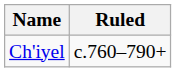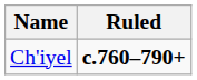 <table class="wikitable" border="1">
 <tr>
 <th><strong>Name</strong></th>
 <th><strong>Ruled</strong></th>
 </tr>
 <tr>
 <td><a href='#'>Ch'iyel</a></td>
-<td>c.760–790+</td>
+<td><strong>c.760–790+</strong></td>
 </tr>
 </table>
